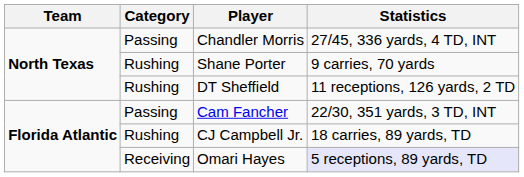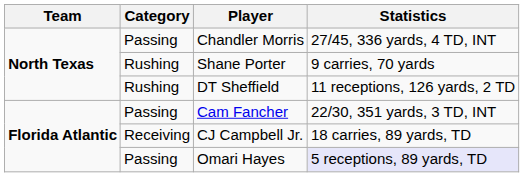 <table class="wikitable" style="float: right;">
 <tr>
 <th>Team</th>
 <th>Category</th>
 <th>Player</th>
 <th>Statistics</th>
 </tr>
 <tr>
 <td rowspan=3><strong>North Texas</strong></td>
 <td>Passing</td>
 <td>Chandler Morris</td>
 <td>27/45, 336 yards, 4 TD, INT</td>
 </tr>
 <tr>
 <td>Rushing</td>
 <td>Shane Porter</td>
 <td>9 carries, 70 yards</td>
 </tr>
 <tr>
 <td>Rushing</td>
 <td>DT Sheffield</td>
 <td>11 receptions, 126 yards, 2 TD</td>
 </tr>
 <tr>
 <td rowspan=3><strong>Florida Atlantic</strong></td>
 <td>Passing</td>
 <td><a href='#'>Cam Fancher</a></td>
 <td>22/30, 351 yards, 3 TD, INT</td>
 </tr>
 <tr>
-<td>Rushing</td>
+<td>Receiving</td>
 <td>CJ Campbell Jr.</td>
 <td>18 carries, 89 yards, TD</td>
 </tr>
 <tr>
-<td>Receiving</td>
+<td>Passing</td>
 <td>Omari Hayes</td>
 <td style="background: lavender;">5 receptions, 89 yards, TD</td>
 </tr>
 </table>
